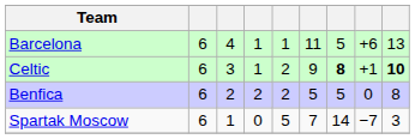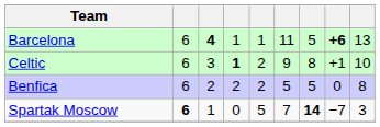 <table class="wikitable" style="text-align:center">
 <tr>
 </tr>
 <tr>
 <th width="175">Team</th>
 <th width="20"></th>
 <th width="20"></th>
 <th width="20"></th>
 <th width="20"></th>
 <th width="20"></th>
 <th width="20"></th>
 <th width="20"></th>
 <th width="20"></th>
 </tr>
 <tr bgcolor="#ccffcc">
 <td align=left> <a href='#'>Barcelona</a></td>
 <td>6</td>
-<td>4</td>
+<td><strong>4</strong></td>
 <td>1</td>
 <td>1</td>
 <td>11</td>
 <td>5</td>
-<td>+6</td>
+<td><strong>+6</strong></td>
 <td>13</td>
 </tr>
 <tr bgcolor="#ccffcc">
 <td align=left> <a href='#'>Celtic</a></td>
 <td>6</td>
 <td>3</td>
-<td>1</td>
+<td><strong>1</strong></td>
 <td>2</td>
 <td>9</td>
-<td><strong>8</strong></td>
+<td>8</td>
 <td>+1</td>
-<td><strong>10</strong></td>
+<td>10</td>
 </tr>
 <tr bgcolor=#ccccff>
 <td align=left> <a href='#'>Benfica</a></td>
 <td>6</td>
 <td>2</td>
 <td>2</td>
 <td>2</td>
 <td>5</td>
 <td>5</td>
 <td>0</td>
 <td>8</td>
 </tr>
 <tr bgcolor=>
 <td align=left> <a href='#'>Spartak Moscow</a></td>
-<td>6</td>
+<td><strong>6</strong></td>
 <td>1</td>
 <td>0</td>
 <td>5</td>
 <td>7</td>
-<td>14</td>
+<td><strong>14</strong></td>
 <td>−7</td>
 <td>3</td>
 </tr>
 <tr>
 </tr>
 </table>
